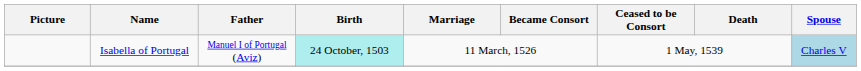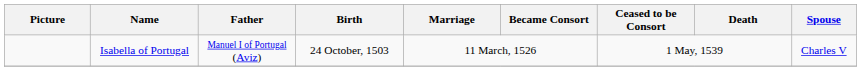 <table width=95% class="wikitable">
 <tr>
 <th width = "8%">Picture</th>
 <th width = "10%">Name</th>
 <th width = "9%">Father</th>
 <th width = "10%">Birth</th>
 <th width = "9%">Marriage</th>
 <th width = "9%">Became Consort</th>
 <th width = "9%">Ceased to be Consort</th>
 <th width = "9%">Death</th>
 <th width = "6%"><a href='#'>Spouse</a></th>
 </tr>
 <tr>
 <td align="center"><br></td>
 <td align="center"><a href='#'>Isabella of Portugal</a><br></td>
 <td align="center"><small><a href='#'>Manuel I of Portugal</a></small><br> (<a href='#'>Aviz</a>)</td>
-<td align="center" style="background: paleturquoise;">24 October, 1503</td>
+<td align="center">24 October, 1503</td>
 <td align="center" colspan="2">11 March, 1526</td>
 <td align="center" colspan="2">1 May, 1539</td>
-<td align="center" style="background: lightblue;"><a href='#'>Charles V</a></td>
+<td align="center"><a href='#'>Charles V</a></td>
 </tr>
 <tr>
 </tr>
 </table>
